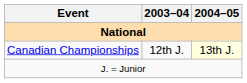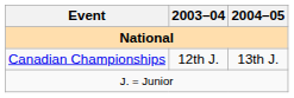 <table class="wikitable" style="text-align:center">
 <tr>
 <th>Event</th>
 <th>2003–04</th>
 <th>2004–05</th>
 </tr>
 <tr>
 <th colspan="3" style="background-color: #ffdead; " align="center"><strong>National</strong></th>
 </tr>
 <tr>
 <td align="left"><a href='#'>Canadian Championships</a></td>
 <td>12th J.</td>
-<td style="background: lightyellow;">13th J.</td>
+<td>13th J.</td>
 </tr>
 <tr>
 <td colspan="3" align="center"><small> J. = Junior </small></td>
 </tr>
 </table>
